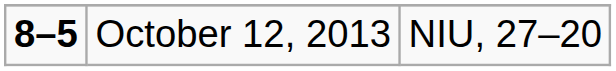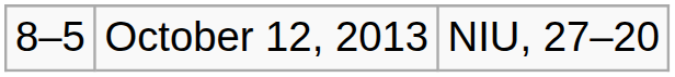 <table class="wikitable">
 <tr align="center">
 </tr>
 <tr align="center">
-<td><strong>8–5</strong></td>
+<td>8–5</td>
 <td>October 12, 2013</td>
 <td>NIU, 27–20</td>
 </tr>
 </table>
